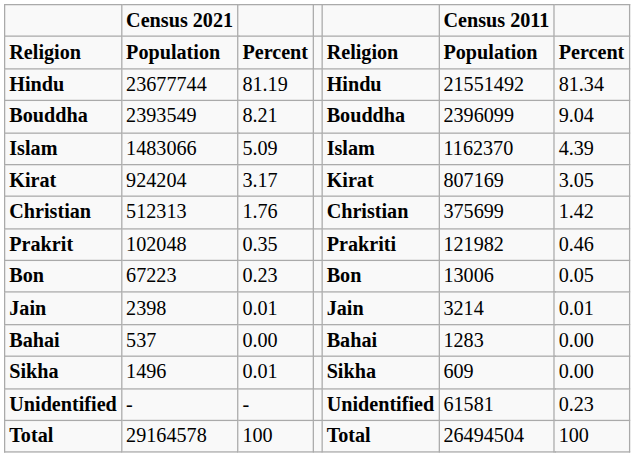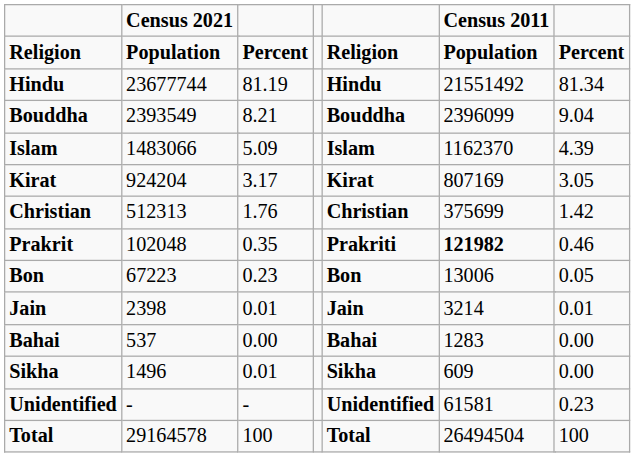 <table class="wikitable">
 <tr>
 <td></td>
 <td colspan="2"><strong>Census 2021</strong></td>
 <td></td>
 <td></td>
 <td></td>
 <td><strong>Census 2011</strong></td>
 <td colspan="2"></td>
 </tr>
 <tr>
 <td><strong>Religion</strong></td>
 <td colspan="2"><strong>Population</strong></td>
 <td><strong>Percent</strong></td>
 <td></td>
 <td><strong>Religion</strong></td>
 <td><strong>Population</strong></td>
 <td colspan="2"><strong>Percent</strong></td>
 </tr>
 <tr>
 <td><strong>Hindu</strong></td>
 <td colspan="2">23677744</td>
 <td>81.19</td>
 <td></td>
 <td><strong>Hindu</strong></td>
 <td>21551492</td>
 <td colspan="2">81.34</td>
 </tr>
 <tr>
 <td><strong>Bouddha</strong></td>
 <td colspan="2">2393549</td>
 <td>8.21</td>
 <td></td>
 <td><strong>Bouddha</strong></td>
 <td>2396099</td>
 <td colspan="2">9.04</td>
 </tr>
 <tr>
 <td><strong>Islam</strong></td>
 <td colspan="2">1483066</td>
 <td>5.09</td>
 <td></td>
 <td><strong>Islam</strong></td>
 <td>1162370</td>
 <td colspan="2">4.39</td>
 </tr>
 <tr>
 <td><strong>Kirat</strong></td>
 <td colspan="2">924204</td>
 <td>3.17</td>
 <td></td>
 <td><strong>Kirat</strong></td>
 <td>807169</td>
 <td colspan="2">3.05</td>
 </tr>
 <tr>
 <td><strong>Christian</strong></td>
 <td colspan="2">512313</td>
 <td>1.76</td>
 <td></td>
 <td><strong>Christian</strong></td>
 <td>375699</td>
 <td colspan="2">1.42</td>
 </tr>
 <tr>
 <td><strong>Prakrit</strong></td>
 <td colspan="2">102048</td>
 <td>0.35</td>
 <td></td>
 <td><strong>Prakriti</strong></td>
-<td>121982</td>
+<td><strong>121982</strong></td>
 <td colspan="2">0.46</td>
 </tr>
 <tr>
 <td><strong>Bon</strong></td>
 <td>67223</td>
 <td colspan="2">0.23</td>
 <td></td>
 <td><strong>Bon</strong></td>
 <td colspan="2">13006</td>
 <td>0.05</td>
 </tr>
 <tr>
 <td><strong>Jain</strong></td>
 <td>2398</td>
 <td colspan="2">0.01</td>
 <td></td>
 <td><strong>Jain</strong></td>
 <td colspan="2">3214</td>
 <td>0.01</td>
 </tr>
 <tr>
 <td><strong>Bahai</strong></td>
 <td>537</td>
 <td colspan="2">0.00</td>
 <td></td>
 <td><strong>Bahai</strong></td>
 <td colspan="2">1283</td>
 <td>0.00</td>
 </tr>
 <tr>
 <td><strong>Sikha</strong></td>
 <td>1496</td>
 <td colspan="2">0.01</td>
 <td></td>
 <td><strong>Sikha</strong></td>
 <td colspan="2">609</td>
 <td>0.00</td>
 </tr>
 <tr>
 <td><strong>Unidentified</strong></td>
 <td>-</td>
 <td colspan="2">-</td>
 <td></td>
 <td><strong>Unidentified</strong></td>
 <td colspan="2">61581</td>
 <td>0.23</td>
 </tr>
 <tr>
 <td><strong>Total</strong></td>
 <td>29164578</td>
 <td colspan="2">100</td>
 <td></td>
 <td><strong>Total</strong></td>
 <td colspan="2">26494504</td>
 <td>100</td>
 </tr>
 </table>
